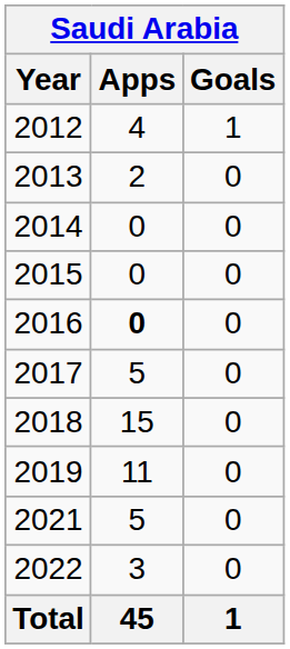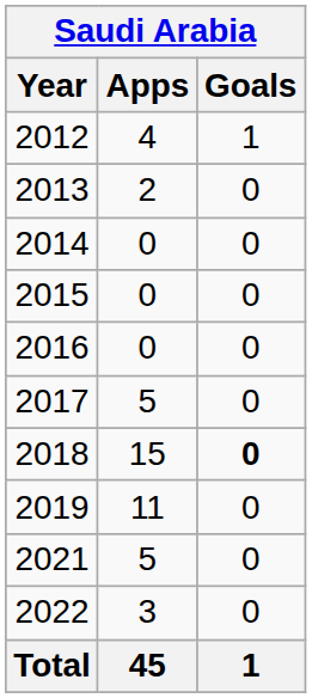 <table class="wikitable" style="text-align:center">
 <tr>
 <th colspan=3><a href='#'>Saudi Arabia</a></th>
 </tr>
 <tr>
 <th>Year</th>
 <th>Apps</th>
 <th>Goals</th>
 </tr>
 <tr>
 <td>2012</td>
 <td>4</td>
 <td>1</td>
 </tr>
 <tr>
 <td>2013</td>
 <td>2</td>
 <td>0</td>
 </tr>
 <tr>
 <td>2014</td>
 <td>0</td>
 <td>0</td>
 </tr>
 <tr>
 <td>2015</td>
 <td>0</td>
 <td>0</td>
 </tr>
 <tr>
 <td>2016</td>
-<td><strong>0</strong></td>
+<td>0</td>
 <td>0</td>
 </tr>
 <tr>
 <td>2017</td>
 <td>5</td>
 <td>0</td>
 </tr>
 <tr>
 <td>2018</td>
 <td>15</td>
-<td>0</td>
+<td><strong>0</strong></td>
 </tr>
 <tr>
 <td>2019</td>
 <td>11</td>
 <td>0</td>
 </tr>
 <tr>
 <td>2021</td>
 <td>5</td>
 <td>0</td>
 </tr>
 <tr>
 <td>2022</td>
 <td>3</td>
 <td>0</td>
 </tr>
 <tr>
 <th>Total</th>
 <th>45</th>
 <th>1</th>
 </tr>
 </table>
